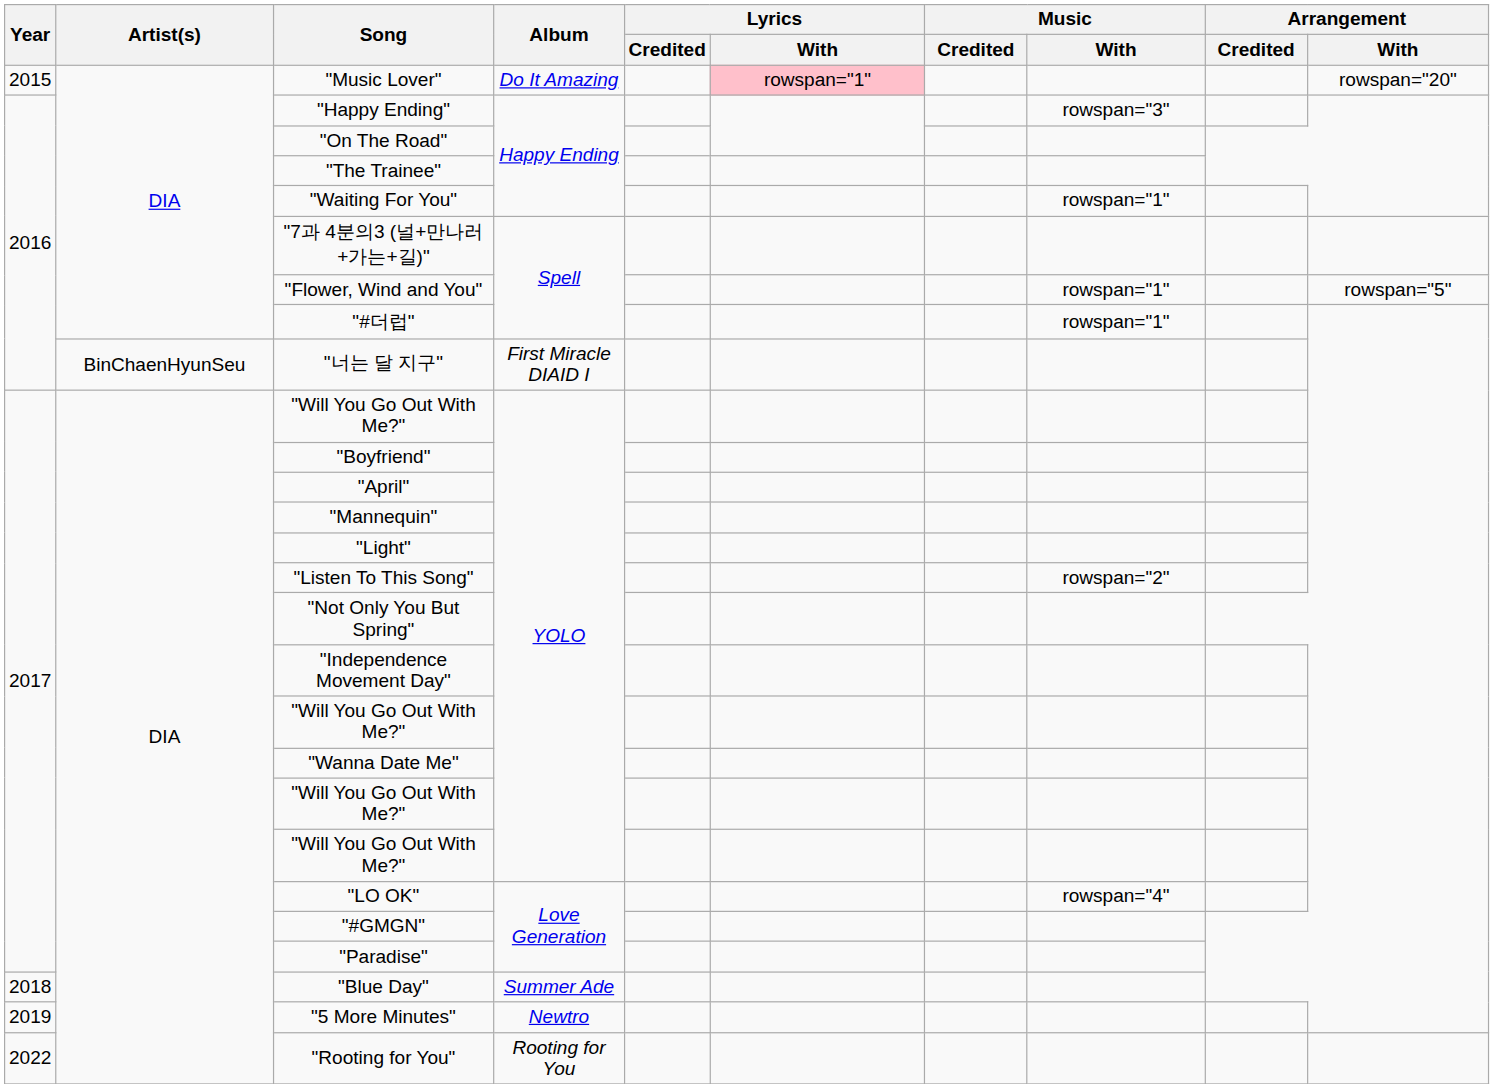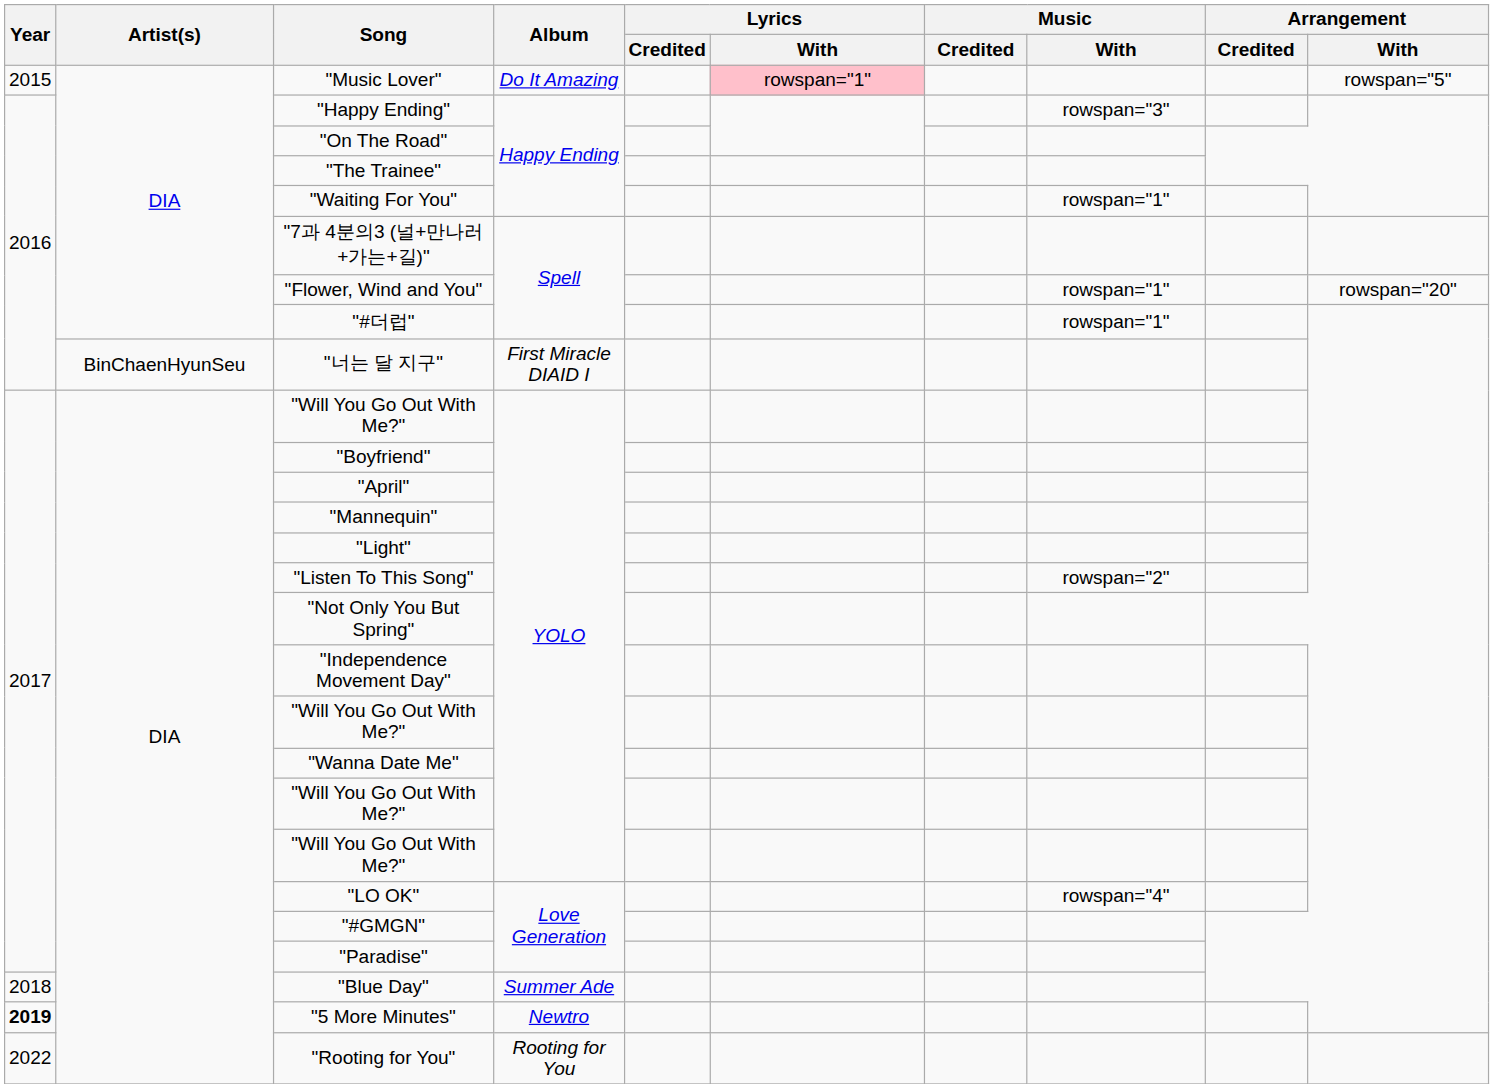 <table class="wikitable" style="text-align:center;">
 <tr>
 <th rowspan="2" style="width:2em;">Year</th>
 <th rowspan="2" style="width:12em;">Artist(s)</th>
 <th rowspan="2" style="width:13em;">Song</th>
 <th rowspan="2" style="width:7em;">Album</th>
 <th colspan="2" style="width:16em;">Lyrics</th>
 <th colspan="2" style="width:16em;">Music</th>
 <th colspan="2" style="width:16em;">Arrangement</th>
 </tr>
 <tr>
 <th style="width:4em;">Credited</th>
 <th style="width:13em;">With</th>
 <th style="width:4em;">Credited</th>
 <th style="width:8em;">With</th>
 <th style="width:4em;">Credited</th>
 <th style="width:8em;">With</th>
 </tr>
 <tr>
 <td>2015</td>
 <td rowspan="8"><a href='#'>DIA</a></td>
 <td>"Music Lover"</td>
 <td><em><a href='#'>Do It Amazing</a></em></td>
 <td></td>
 <td style="background: pink;">rowspan="1"</td>
 <td></td>
 <td></td>
 <td></td>
-<td>rowspan="20"</td>
+<td>rowspan="5"</td>
 </tr>
 <tr>
 <td rowspan="8">2016</td>
 <td>"Happy Ending"</td>
 <td rowspan="4"><em><a href='#'>Happy Ending</a></em></td>
 <td></td>
 <td rowspan="2"></td>
 <td></td>
 <td>rowspan="3"</td>
 <td></td>
 </tr>
 <tr>
 <td>"On The Road"</td>
 <td></td>
 <td></td>
 <td></td>
 </tr>
 <tr>
 <td>"The Trainee"</td>
 <td></td>
 <td></td>
 <td></td>
 <td></td>
 </tr>
 <tr>
 <td>"Waiting For You" </td>
 <td></td>
 <td></td>
 <td></td>
 <td>rowspan="1"</td>
 <td></td>
 </tr>
 <tr>
 <td>"7과 4분의3 (널+만나러+가는+길)"</td>
 <td rowspan="3"><em><a href='#'>Spell</a></em></td>
 <td></td>
 <td></td>
 <td></td>
 <td></td>
 <td></td>
 <td></td>
 </tr>
 <tr>
 <td>"Flower, Wind and You" </td>
 <td></td>
 <td></td>
 <td></td>
 <td>rowspan="1"</td>
 <td></td>
-<td>rowspan="5"</td>
+<td>rowspan="20"</td>
 </tr>
 <tr>
 <td>"#더럽" </td>
 <td></td>
 <td></td>
 <td></td>
 <td>rowspan="1"</td>
 <td></td>
 </tr>
 <tr>
 <td>BinChaenHyunSeu</td>
 <td>"너는 달 지구"</td>
 <td><em>First Miracle DIAID I</em></td>
 <td></td>
 <td></td>
 <td></td>
 <td></td>
 <td></td>
 </tr>
 <tr>
 <td rowspan="15">2017</td>
 <td rowspan="18">DIA</td>
 <td>"Will You Go Out With Me?" </td>
 <td rowspan="12"><em><a href='#'>YOLO</a></em></td>
 <td></td>
 <td></td>
 <td></td>
 <td></td>
 <td></td>
 </tr>
 <tr>
 <td>"Boyfriend" </td>
 <td></td>
 <td></td>
 <td></td>
 <td></td>
 <td></td>
 </tr>
 <tr>
 <td>"April" <br></td>
 <td></td>
 <td></td>
 <td></td>
 <td></td>
 <td></td>
 </tr>
 <tr>
 <td>"Mannequin" </td>
 <td></td>
 <td></td>
 <td></td>
 <td></td>
 <td></td>
 </tr>
 <tr>
 <td>"Light" </td>
 <td></td>
 <td></td>
 <td></td>
 <td></td>
 <td></td>
 </tr>
 <tr>
 <td>"Listen To This Song" </td>
 <td></td>
 <td></td>
 <td></td>
 <td>rowspan="2" </td>
 <td></td>
 </tr>
 <tr>
 <td>"Not Only You But Spring" </td>
 <td></td>
 <td></td>
 <td></td>
 <td></td>
 </tr>
 <tr>
 <td>"Independence Movement Day" </td>
 <td></td>
 <td></td>
 <td></td>
 <td></td>
 <td></td>
 </tr>
 <tr>
 <td>"Will You Go Out With Me?" </td>
 <td></td>
 <td></td>
 <td></td>
 <td></td>
 <td></td>
 </tr>
 <tr>
 <td>"Wanna Date Me" </td>
 <td></td>
 <td></td>
 <td></td>
 <td></td>
 <td></td>
 </tr>
 <tr>
 <td>"Will You Go Out With Me?" </td>
 <td></td>
 <td></td>
 <td></td>
 <td></td>
 <td></td>
 </tr>
 <tr>
 <td>"Will You Go Out With Me?" </td>
 <td></td>
 <td></td>
 <td></td>
 <td></td>
 <td></td>
 </tr>
 <tr>
 <td>"LO OK"</td>
 <td rowspan="3"><em><a href='#'>Love Generation</a></em></td>
 <td></td>
 <td></td>
 <td></td>
 <td>rowspan="4" </td>
 <td></td>
 </tr>
 <tr>
 <td>"#GMGN" </td>
 <td></td>
 <td></td>
 <td></td>
 <td></td>
 </tr>
 <tr>
 <td>"Paradise" </td>
 <td></td>
 <td></td>
 <td></td>
 <td></td>
 </tr>
 <tr>
 <td rowspan="1">2018</td>
 <td>"Blue Day"</td>
 <td><em><a href='#'>Summer Ade</a></em></td>
 <td></td>
 <td></td>
 <td></td>
 <td></td>
 </tr>
 <tr>
-<td>2019</td>
+<td><strong>2019</strong></td>
 <td>"5 More Minutes"</td>
 <td><em><a href='#'>Newtro</a></em></td>
 <td></td>
 <td></td>
 <td></td>
 <td></td>
 <td></td>
 </tr>
 <tr>
 <td>2022</td>
 <td>"Rooting for You"</td>
 <td><em>Rooting for You</em></td>
 <td></td>
 <td></td>
 <td></td>
 <td></td>
 <td></td>
 <td></td>
 </tr>
 </table>
